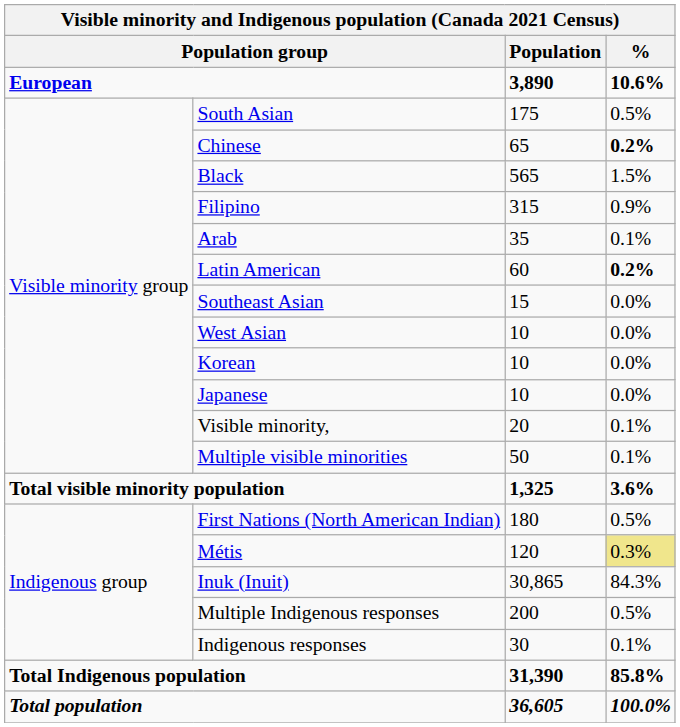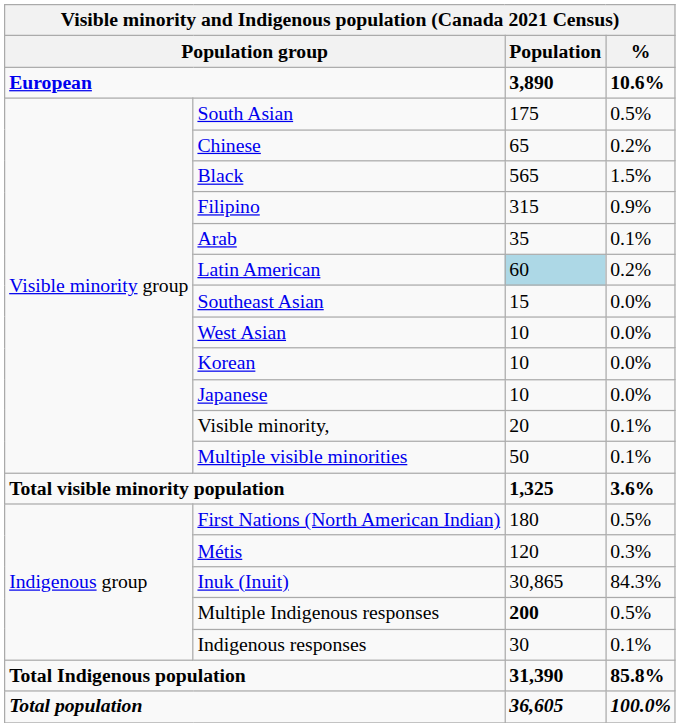 <table class="wikitable">
 <tr>
 <th colspan=4>Visible minority and Indigenous population (Canada 2021 Census)</th>
 </tr>
 <tr>
 <th colspan="2">Population group</th>
 <th>Population</th>
 <th>%</th>
 </tr>
 <tr>
 <td colspan="2"><strong><a href='#'>European</a></strong></td>
 <td><strong>3,890</strong></td>
 <td><strong>10.6%</strong></td>
 </tr>
 <tr>
 <td rowspan="12"><a href='#'>Visible minority</a> group<br></td>
 <td><a href='#'>South Asian</a></td>
 <td>175</td>
 <td>0.5%</td>
 </tr>
 <tr>
 <td><a href='#'>Chinese</a></td>
 <td>65</td>
-<td><strong>0.2%</strong></td>
+<td>0.2%</td>
 </tr>
 <tr>
 <td><a href='#'>Black</a></td>
 <td>565</td>
 <td>1.5%</td>
 </tr>
 <tr>
 <td><a href='#'>Filipino</a></td>
 <td>315</td>
 <td>0.9%</td>
 </tr>
 <tr>
 <td><a href='#'>Arab</a></td>
 <td>35</td>
 <td>0.1%</td>
 </tr>
 <tr>
 <td><a href='#'>Latin American</a></td>
-<td>60</td>
-<td><strong>0.2%</strong></td>
+<td style="background: lightblue;">60</td>
+<td>0.2%</td>
 </tr>
 <tr>
 <td><a href='#'>Southeast Asian</a></td>
 <td>15</td>
 <td>0.0%</td>
 </tr>
 <tr>
 <td><a href='#'>West Asian</a></td>
 <td>10</td>
 <td>0.0%</td>
 </tr>
 <tr>
 <td><a href='#'>Korean</a></td>
 <td>10</td>
 <td>0.0%</td>
 </tr>
 <tr>
 <td><a href='#'>Japanese</a></td>
 <td>10</td>
 <td>0.0%</td>
 </tr>
 <tr>
 <td>Visible minority, </td>
 <td>20</td>
 <td>0.1%</td>
 </tr>
 <tr>
 <td><a href='#'>Multiple visible minorities</a></td>
 <td>50</td>
 <td>0.1%</td>
 </tr>
 <tr>
 <td colspan="2"><strong>Total visible minority population</strong></td>
 <td><strong>1,325</strong></td>
 <td><strong>3.6%</strong></td>
 </tr>
 <tr>
 <td rowspan="5"><a href='#'>Indigenous</a> group<br></td>
 <td><a href='#'>First Nations (North American Indian)</a></td>
 <td>180</td>
 <td>0.5%</td>
 </tr>
 <tr>
 <td><a href='#'>Métis</a></td>
 <td>120</td>
-<td style="background: khaki;">0.3%</td>
+<td>0.3%</td>
 </tr>
 <tr>
 <td><a href='#'>Inuk (Inuit)</a></td>
 <td>30,865</td>
 <td>84.3%</td>
 </tr>
 <tr>
 <td>Multiple Indigenous responses</td>
-<td>200</td>
+<td><strong>200</strong></td>
 <td>0.5%</td>
 </tr>
 <tr>
 <td>Indigenous responses </td>
 <td>30</td>
 <td>0.1%</td>
 </tr>
 <tr>
 <td colspan="2"><strong>Total Indigenous population</strong></td>
 <td><strong>31,390</strong></td>
 <td><strong>85.8%</strong></td>
 </tr>
 <tr>
 <td colspan="2"><strong><em>Total population</em></strong></td>
 <td><strong><em>36,605</em></strong></td>
 <td><strong><em>100.0%</em></strong></td>
 </tr>
 </table>
